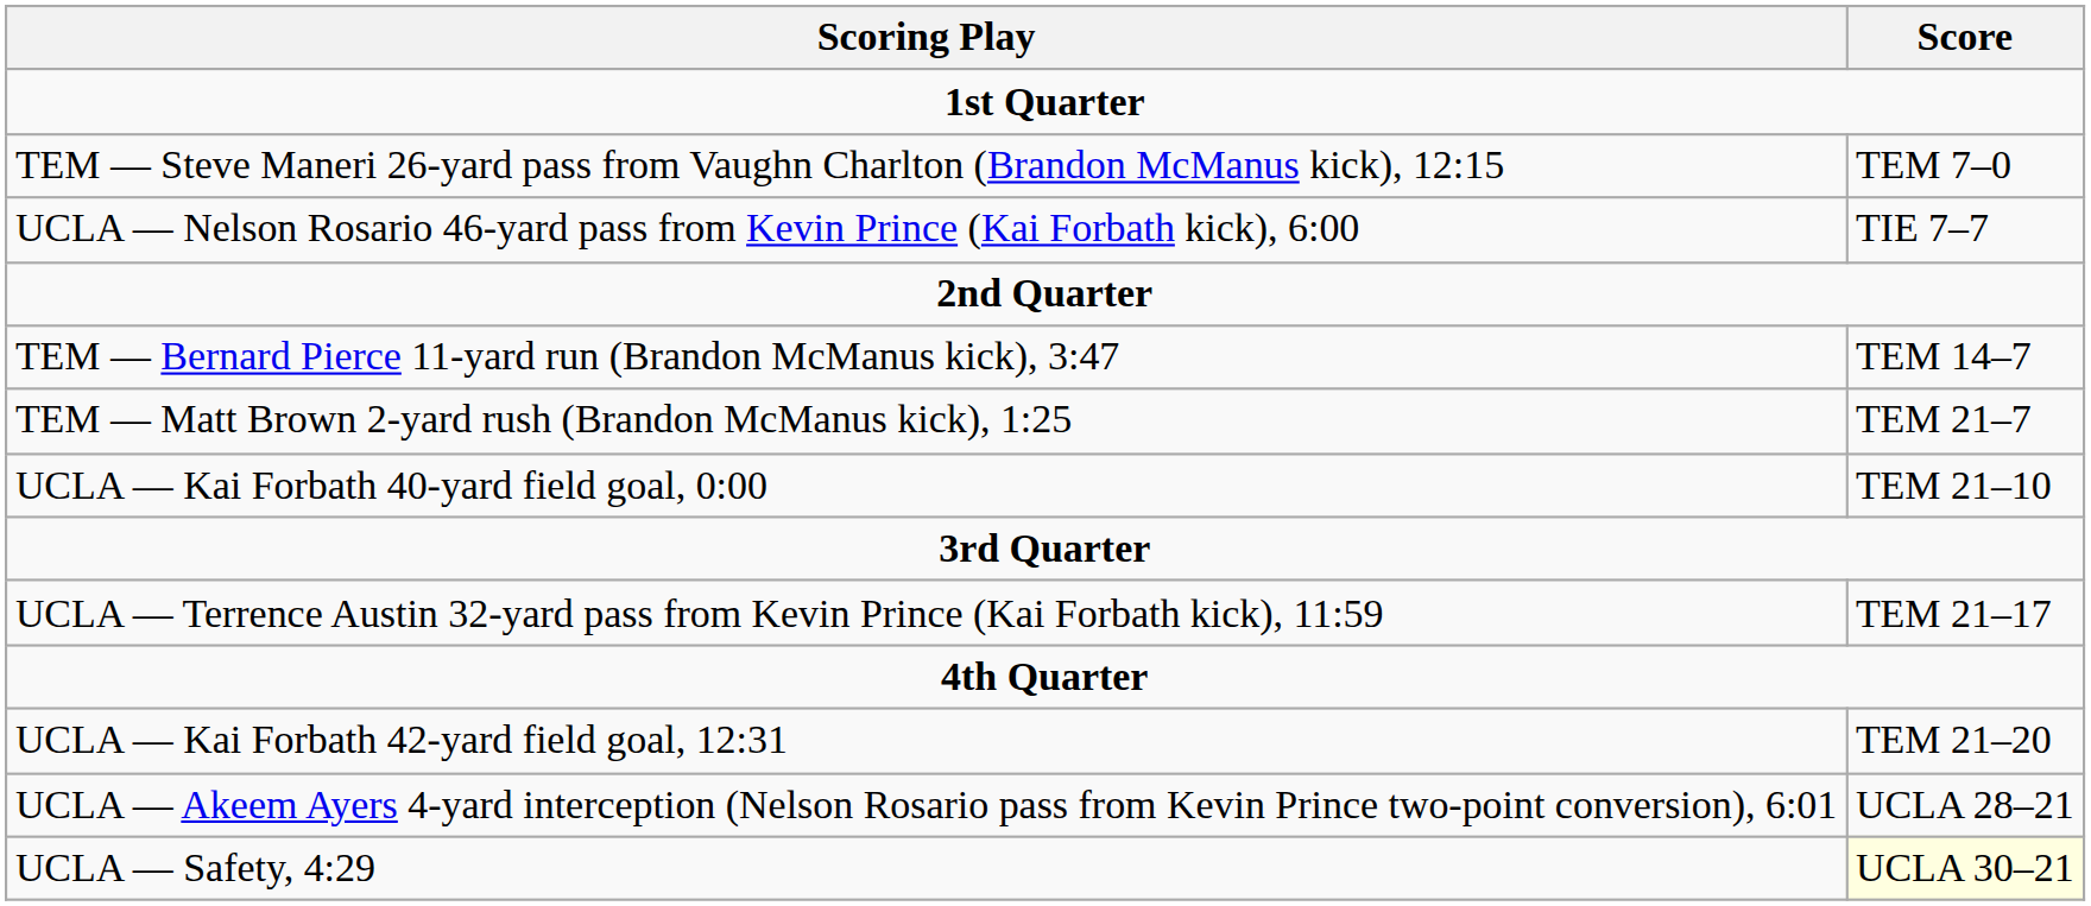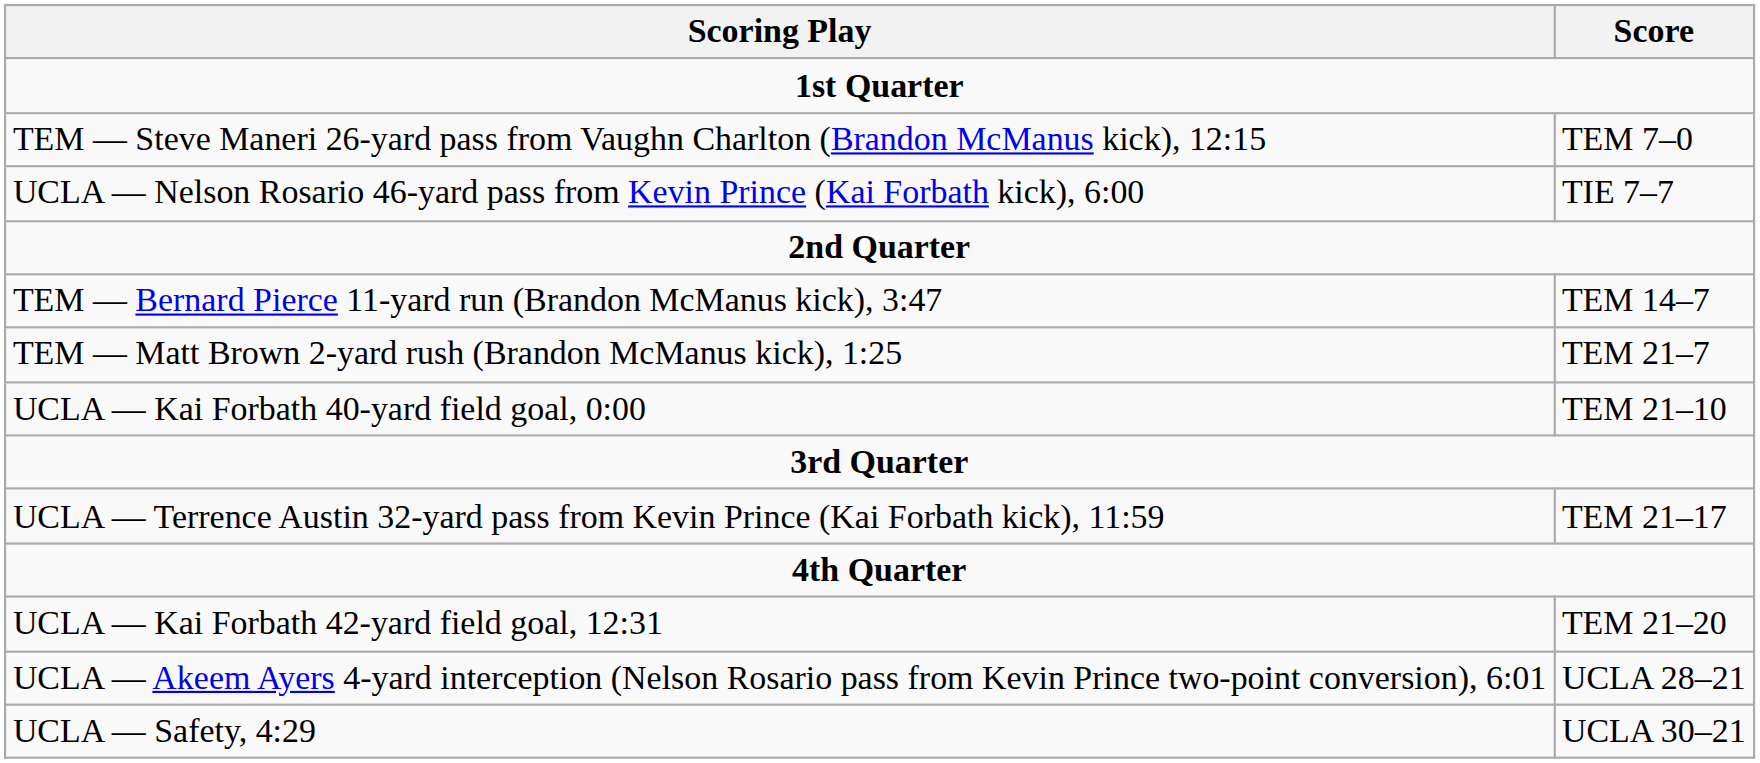 <table class="wikitable">
 <tr>
 <th>Scoring Play</th>
 <th>Score</th>
 </tr>
 <tr>
 <td colspan="4" style="text-align:center;"><strong>1st Quarter</strong></td>
 </tr>
 <tr>
 <td>TEM — Steve Maneri 26-yard pass from Vaughn Charlton (<a href='#'>Brandon McManus</a> kick), 12:15</td>
 <td>TEM 7–0</td>
 </tr>
 <tr>
 <td>UCLA — Nelson Rosario 46-yard pass from <a href='#'>Kevin Prince</a> (<a href='#'>Kai Forbath</a> kick), 6:00</td>
 <td>TIE 7–7</td>
 </tr>
 <tr>
 <td colspan="4" style="text-align:center;"><strong>2nd Quarter</strong></td>
 </tr>
 <tr>
 <td>TEM — <a href='#'>Bernard Pierce</a> 11-yard run (Brandon McManus kick), 3:47</td>
 <td>TEM 14–7</td>
 </tr>
 <tr>
 <td>TEM — Matt Brown 2-yard rush (Brandon McManus kick), 1:25</td>
 <td>TEM 21–7</td>
 </tr>
 <tr>
 <td>UCLA — Kai Forbath 40-yard field goal, 0:00</td>
 <td>TEM 21–10</td>
 </tr>
 <tr>
 <td colspan="4" style="text-align:center;"><strong>3rd Quarter</strong></td>
 </tr>
 <tr>
 <td>UCLA — Terrence Austin 32-yard pass from Kevin Prince (Kai Forbath kick), 11:59</td>
 <td>TEM 21–17</td>
 </tr>
 <tr>
 <td colspan="4" style="text-align:center;"><strong>4th Quarter</strong></td>
 </tr>
 <tr>
 <td>UCLA — Kai Forbath 42-yard field goal, 12:31</td>
 <td>TEM 21–20</td>
 </tr>
 <tr>
 <td>UCLA — <a href='#'>Akeem Ayers</a> 4-yard interception (Nelson Rosario pass from Kevin Prince two-point conversion), 6:01</td>
 <td>UCLA 28–21</td>
 </tr>
 <tr>
 <td>UCLA — Safety, 4:29</td>
-<td style="background: lightyellow;">UCLA 30–21</td>
+<td>UCLA 30–21</td>
 </tr>
 </table>
